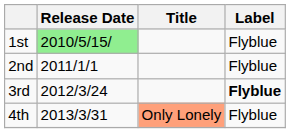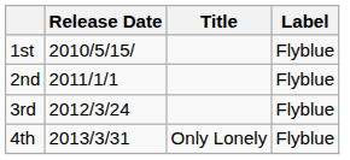 <table class=wikitable style="font-size:small">
 <tr>
 <th></th>
 <th>Release Date</th>
 <th>Title</th>
 <th>Label</th>
 </tr>
 <tr>
 <td>1st</td>
-<td style="background: lightgreen;">2010/5/15/</td>
+<td>2010/5/15/</td>
 <td></td>
 <td>Flyblue</td>
 </tr>
 <tr>
 <td>2nd</td>
 <td>2011/1/1</td>
 <td></td>
 <td>Flyblue</td>
 </tr>
 <tr>
 <td>3rd</td>
 <td>2012/3/24</td>
 <td></td>
-<td><strong>Flyblue</strong></td>
+<td>Flyblue</td>
 </tr>
 <tr>
 <td>4th</td>
 <td>2013/3/31</td>
-<td style="background: lightsalmon;">Only Lonely</td>
+<td>Only Lonely</td>
 <td>Flyblue</td>
 </tr>
 <tr>
 </tr>
 </table>
